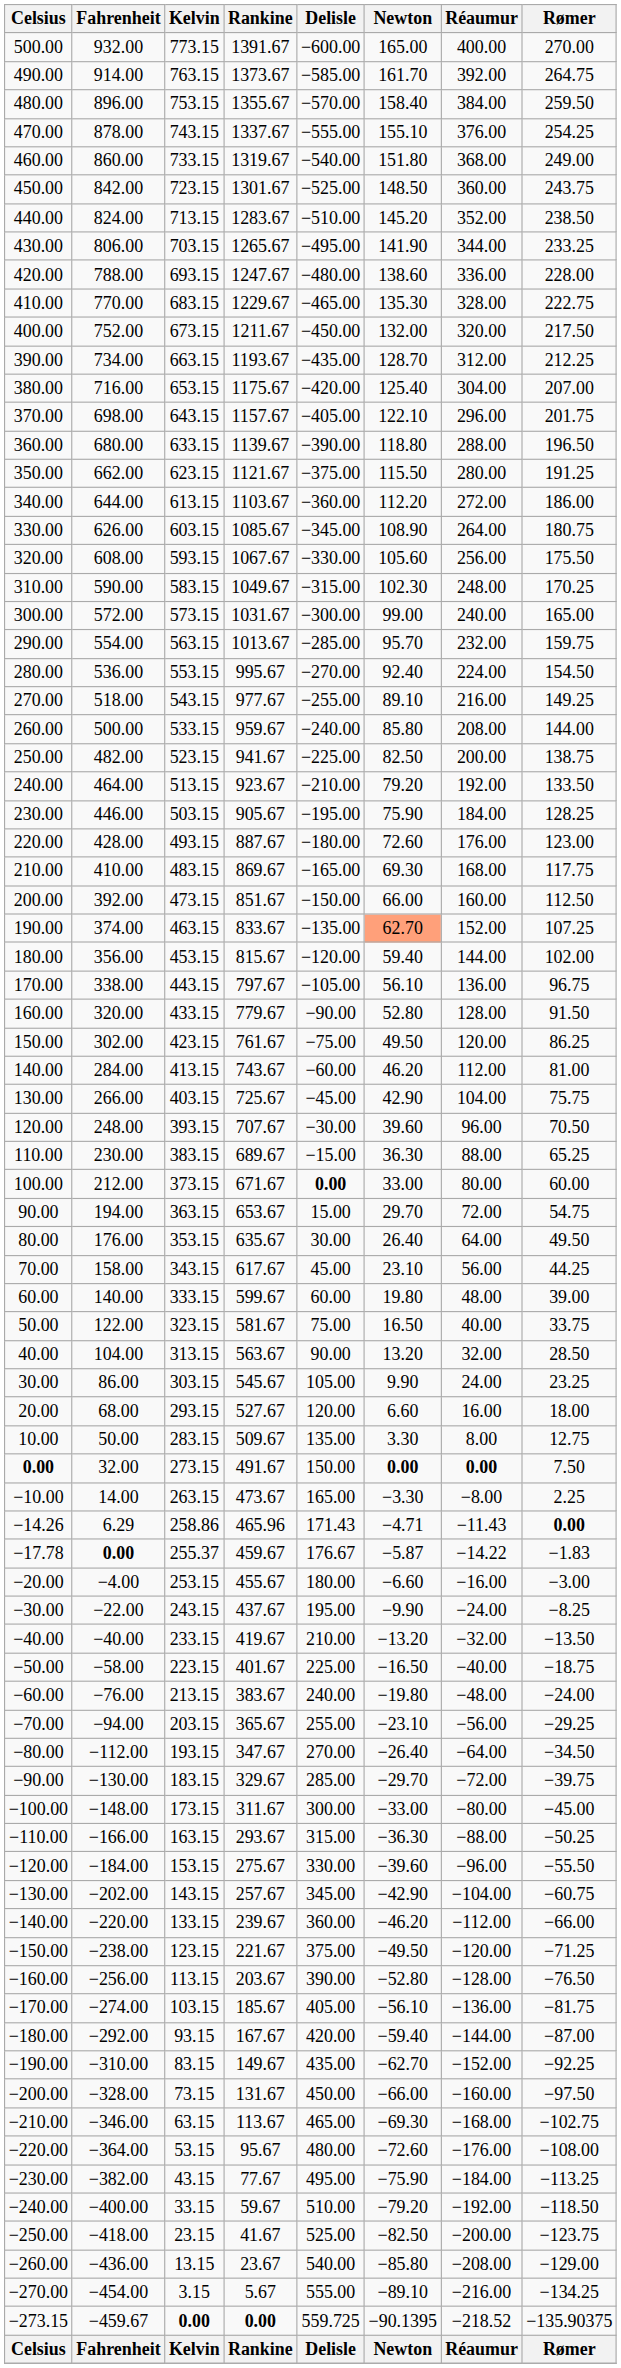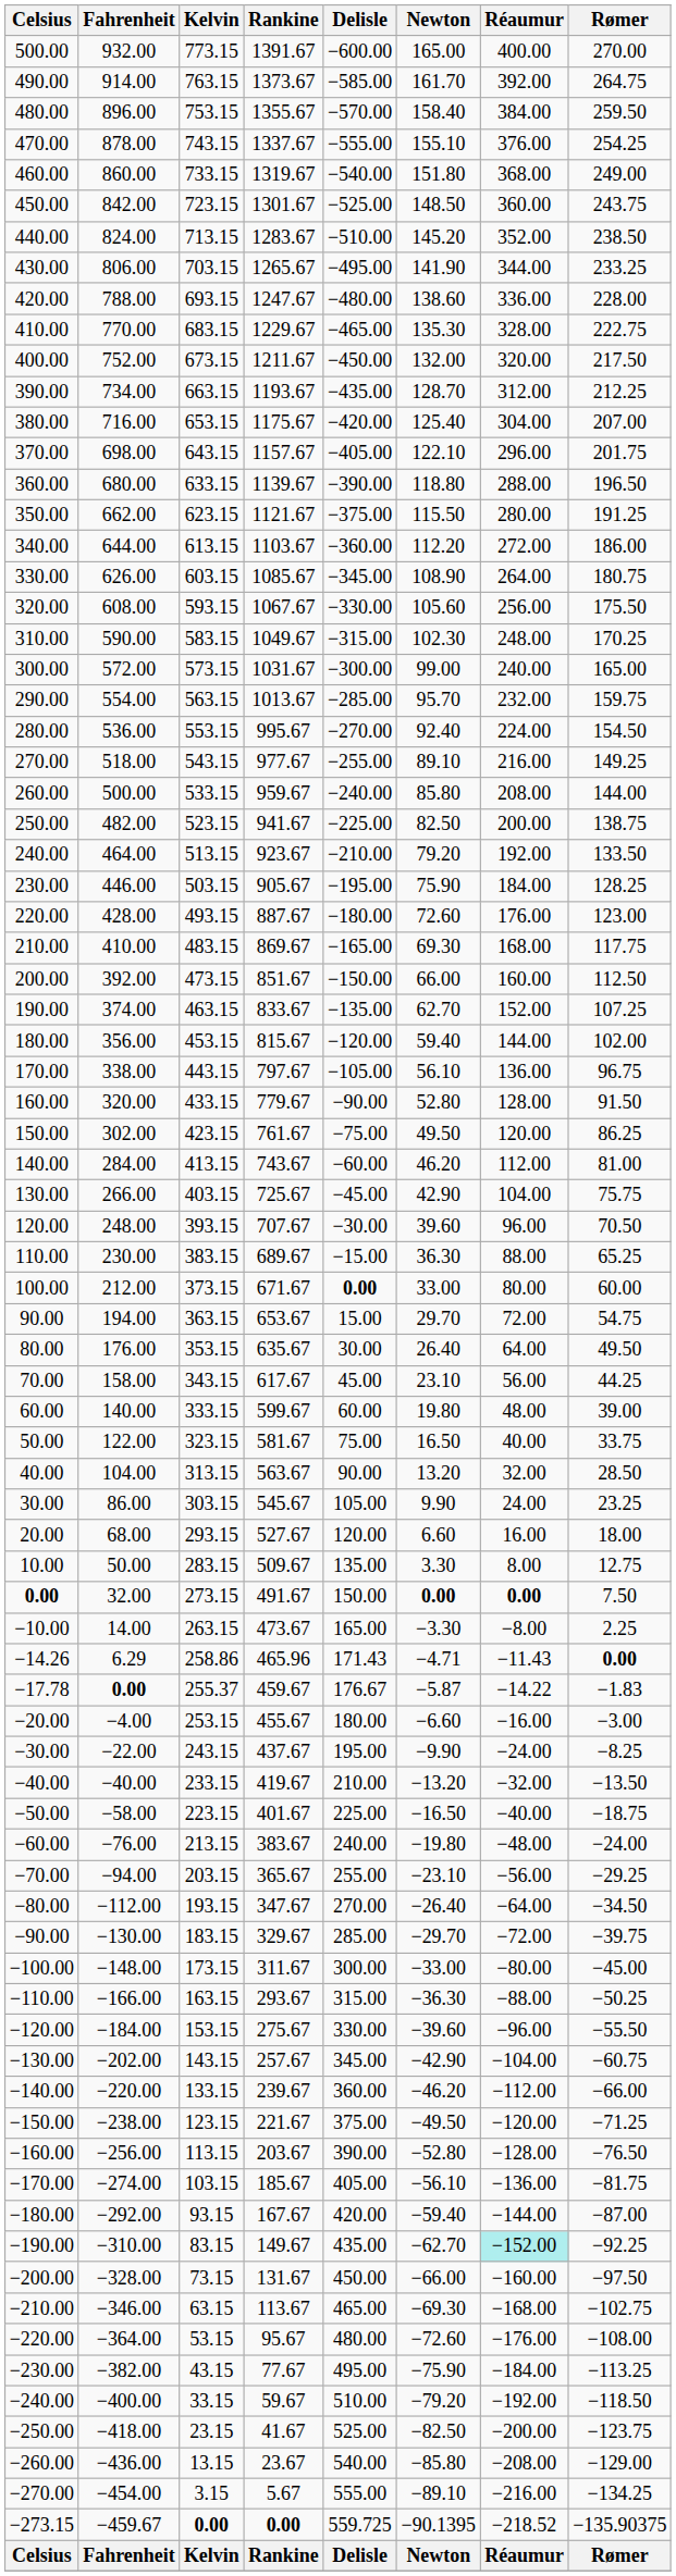 <table class="wikitable" style="text-align:center">
 <tr>
 <th>Celsius</th>
 <th>Fahrenheit</th>
 <th>Kelvin</th>
 <th>Rankine</th>
 <th>Delisle</th>
 <th>Newton</th>
 <th>Réaumur</th>
 <th>Rømer</th>
 </tr>
 <tr>
 <td>500.00</td>
 <td>932.00</td>
 <td>773.15</td>
 <td>1391.67</td>
 <td>−600.00</td>
 <td>165.00</td>
 <td>400.00</td>
 <td>270.00</td>
 </tr>
 <tr>
 <td>490.00</td>
 <td>914.00</td>
 <td>763.15</td>
 <td>1373.67</td>
 <td>−585.00</td>
 <td>161.70</td>
 <td>392.00</td>
 <td>264.75</td>
 </tr>
 <tr>
 <td>480.00</td>
 <td>896.00</td>
 <td>753.15</td>
 <td>1355.67</td>
 <td>−570.00</td>
 <td>158.40</td>
 <td>384.00</td>
 <td>259.50</td>
 </tr>
 <tr>
 <td>470.00</td>
 <td>878.00</td>
 <td>743.15</td>
 <td>1337.67</td>
 <td>−555.00</td>
 <td>155.10</td>
 <td>376.00</td>
 <td>254.25</td>
 </tr>
 <tr>
 <td>460.00</td>
 <td>860.00</td>
 <td>733.15</td>
 <td>1319.67</td>
 <td>−540.00</td>
 <td>151.80</td>
 <td>368.00</td>
 <td>249.00</td>
 </tr>
 <tr>
 <td>450.00</td>
 <td>842.00</td>
 <td>723.15</td>
 <td>1301.67</td>
 <td>−525.00</td>
 <td>148.50</td>
 <td>360.00</td>
 <td>243.75</td>
 </tr>
 <tr>
 <td>440.00</td>
 <td>824.00</td>
 <td>713.15</td>
 <td>1283.67</td>
 <td>−510.00</td>
 <td>145.20</td>
 <td>352.00</td>
 <td>238.50</td>
 </tr>
 <tr>
 <td>430.00</td>
 <td>806.00</td>
 <td>703.15</td>
 <td>1265.67</td>
 <td>−495.00</td>
 <td>141.90</td>
 <td>344.00</td>
 <td>233.25</td>
 </tr>
 <tr>
 <td>420.00</td>
 <td>788.00</td>
 <td>693.15</td>
 <td>1247.67</td>
 <td>−480.00</td>
 <td>138.60</td>
 <td>336.00</td>
 <td>228.00</td>
 </tr>
 <tr>
 <td>410.00</td>
 <td>770.00</td>
 <td>683.15</td>
 <td>1229.67</td>
 <td>−465.00</td>
 <td>135.30</td>
 <td>328.00</td>
 <td>222.75</td>
 </tr>
 <tr>
 <td>400.00</td>
 <td>752.00</td>
 <td>673.15</td>
 <td>1211.67</td>
 <td>−450.00</td>
 <td>132.00</td>
 <td>320.00</td>
 <td>217.50</td>
 </tr>
 <tr>
 <td>390.00</td>
 <td>734.00</td>
 <td>663.15</td>
 <td>1193.67</td>
 <td>−435.00</td>
 <td>128.70</td>
 <td>312.00</td>
 <td>212.25</td>
 </tr>
 <tr>
 <td>380.00</td>
 <td>716.00</td>
 <td>653.15</td>
 <td>1175.67</td>
 <td>−420.00</td>
 <td>125.40</td>
 <td>304.00</td>
 <td>207.00</td>
 </tr>
 <tr>
 <td>370.00</td>
 <td>698.00</td>
 <td>643.15</td>
 <td>1157.67</td>
 <td>−405.00</td>
 <td>122.10</td>
 <td>296.00</td>
 <td>201.75</td>
 </tr>
 <tr>
 <td>360.00</td>
 <td>680.00</td>
 <td>633.15</td>
 <td>1139.67</td>
 <td>−390.00</td>
 <td>118.80</td>
 <td>288.00</td>
 <td>196.50</td>
 </tr>
 <tr>
 <td>350.00</td>
 <td>662.00</td>
 <td>623.15</td>
 <td>1121.67</td>
 <td>−375.00</td>
 <td>115.50</td>
 <td>280.00</td>
 <td>191.25</td>
 </tr>
 <tr>
 <td>340.00</td>
 <td>644.00</td>
 <td>613.15</td>
 <td>1103.67</td>
 <td>−360.00</td>
 <td>112.20</td>
 <td>272.00</td>
 <td>186.00</td>
 </tr>
 <tr>
 <td>330.00</td>
 <td>626.00</td>
 <td>603.15</td>
 <td>1085.67</td>
 <td>−345.00</td>
 <td>108.90</td>
 <td>264.00</td>
 <td>180.75</td>
 </tr>
 <tr>
 <td>320.00</td>
 <td>608.00</td>
 <td>593.15</td>
 <td>1067.67</td>
 <td>−330.00</td>
 <td>105.60</td>
 <td>256.00</td>
 <td>175.50</td>
 </tr>
 <tr>
 <td>310.00</td>
 <td>590.00</td>
 <td>583.15</td>
 <td>1049.67</td>
 <td>−315.00</td>
 <td>102.30</td>
 <td>248.00</td>
 <td>170.25</td>
 </tr>
 <tr>
 <td>300.00</td>
 <td>572.00</td>
 <td>573.15</td>
 <td>1031.67</td>
 <td>−300.00</td>
 <td>99.00</td>
 <td>240.00</td>
 <td>165.00</td>
 </tr>
 <tr>
 <td>290.00</td>
 <td>554.00</td>
 <td>563.15</td>
 <td>1013.67</td>
 <td>−285.00</td>
 <td>95.70</td>
 <td>232.00</td>
 <td>159.75</td>
 </tr>
 <tr>
 <td>280.00</td>
 <td>536.00</td>
 <td>553.15</td>
 <td>995.67</td>
 <td>−270.00</td>
 <td>92.40</td>
 <td>224.00</td>
 <td>154.50</td>
 </tr>
 <tr>
 <td>270.00</td>
 <td>518.00</td>
 <td>543.15</td>
 <td>977.67</td>
 <td>−255.00</td>
 <td>89.10</td>
 <td>216.00</td>
 <td>149.25</td>
 </tr>
 <tr>
 <td>260.00</td>
 <td>500.00</td>
 <td>533.15</td>
 <td>959.67</td>
 <td>−240.00</td>
 <td>85.80</td>
 <td>208.00</td>
 <td>144.00</td>
 </tr>
 <tr>
 <td>250.00</td>
 <td>482.00</td>
 <td>523.15</td>
 <td>941.67</td>
 <td>−225.00</td>
 <td>82.50</td>
 <td>200.00</td>
 <td>138.75</td>
 </tr>
 <tr>
 <td>240.00</td>
 <td>464.00</td>
 <td>513.15</td>
 <td>923.67</td>
 <td>−210.00</td>
 <td>79.20</td>
 <td>192.00</td>
 <td>133.50</td>
 </tr>
 <tr>
 <td>230.00</td>
 <td>446.00</td>
 <td>503.15</td>
 <td>905.67</td>
 <td>−195.00</td>
 <td>75.90</td>
 <td>184.00</td>
 <td>128.25</td>
 </tr>
 <tr>
 <td>220.00</td>
 <td>428.00</td>
 <td>493.15</td>
 <td>887.67</td>
 <td>−180.00</td>
 <td>72.60</td>
 <td>176.00</td>
 <td>123.00</td>
 </tr>
 <tr>
 <td>210.00</td>
 <td>410.00</td>
 <td>483.15</td>
 <td>869.67</td>
 <td>−165.00</td>
 <td>69.30</td>
 <td>168.00</td>
 <td>117.75</td>
 </tr>
 <tr>
 <td>200.00</td>
 <td>392.00</td>
 <td>473.15</td>
 <td>851.67</td>
 <td>−150.00</td>
 <td>66.00</td>
 <td>160.00</td>
 <td>112.50</td>
 </tr>
 <tr>
 <td>190.00</td>
 <td>374.00</td>
 <td>463.15</td>
 <td>833.67</td>
 <td>−135.00</td>
-<td style="background: lightsalmon;">62.70</td>
+<td>62.70</td>
 <td>152.00</td>
 <td>107.25</td>
 </tr>
 <tr>
 <td>180.00</td>
 <td>356.00</td>
 <td>453.15</td>
 <td>815.67</td>
 <td>−120.00</td>
 <td>59.40</td>
 <td>144.00</td>
 <td>102.00</td>
 </tr>
 <tr>
 <td>170.00</td>
 <td>338.00</td>
 <td>443.15</td>
 <td>797.67</td>
 <td>−105.00</td>
 <td>56.10</td>
 <td>136.00</td>
 <td>96.75</td>
 </tr>
 <tr>
 <td>160.00</td>
 <td>320.00</td>
 <td>433.15</td>
 <td>779.67</td>
 <td>−90.00</td>
 <td>52.80</td>
 <td>128.00</td>
 <td>91.50</td>
 </tr>
 <tr>
 <td>150.00</td>
 <td>302.00</td>
 <td>423.15</td>
 <td>761.67</td>
 <td>−75.00</td>
 <td>49.50</td>
 <td>120.00</td>
 <td>86.25</td>
 </tr>
 <tr>
 <td>140.00</td>
 <td>284.00</td>
 <td>413.15</td>
 <td>743.67</td>
 <td>−60.00</td>
 <td>46.20</td>
 <td>112.00</td>
 <td>81.00</td>
 </tr>
 <tr>
 <td>130.00</td>
 <td>266.00</td>
 <td>403.15</td>
 <td>725.67</td>
 <td>−45.00</td>
 <td>42.90</td>
 <td>104.00</td>
 <td>75.75</td>
 </tr>
 <tr>
 <td>120.00</td>
 <td>248.00</td>
 <td>393.15</td>
 <td>707.67</td>
 <td>−30.00</td>
 <td>39.60</td>
 <td>96.00</td>
 <td>70.50</td>
 </tr>
 <tr>
 <td>110.00</td>
 <td>230.00</td>
 <td>383.15</td>
 <td>689.67</td>
 <td>−15.00</td>
 <td>36.30</td>
 <td>88.00</td>
 <td>65.25</td>
 </tr>
 <tr>
 <td>100.00</td>
 <td>212.00</td>
 <td>373.15</td>
 <td>671.67</td>
 <td><strong>0.00</strong></td>
 <td>33.00</td>
 <td>80.00</td>
 <td>60.00</td>
 </tr>
 <tr>
 <td>90.00</td>
 <td>194.00</td>
 <td>363.15</td>
 <td>653.67</td>
 <td>15.00</td>
 <td>29.70</td>
 <td>72.00</td>
 <td>54.75</td>
 </tr>
 <tr>
 <td>80.00</td>
 <td>176.00</td>
 <td>353.15</td>
 <td>635.67</td>
 <td>30.00</td>
 <td>26.40</td>
 <td>64.00</td>
 <td>49.50</td>
 </tr>
 <tr>
 <td>70.00</td>
 <td>158.00</td>
 <td>343.15</td>
 <td>617.67</td>
 <td>45.00</td>
 <td>23.10</td>
 <td>56.00</td>
 <td>44.25</td>
 </tr>
 <tr>
 <td>60.00</td>
 <td>140.00</td>
 <td>333.15</td>
 <td>599.67</td>
 <td>60.00</td>
 <td>19.80</td>
 <td>48.00</td>
 <td>39.00</td>
 </tr>
 <tr>
 <td>50.00</td>
 <td>122.00</td>
 <td>323.15</td>
 <td>581.67</td>
 <td>75.00</td>
 <td>16.50</td>
 <td>40.00</td>
 <td>33.75</td>
 </tr>
 <tr>
 <td>40.00</td>
 <td>104.00</td>
 <td>313.15</td>
 <td>563.67</td>
 <td>90.00</td>
 <td>13.20</td>
 <td>32.00</td>
 <td>28.50</td>
 </tr>
 <tr>
 <td>30.00</td>
 <td>86.00</td>
 <td>303.15</td>
 <td>545.67</td>
 <td>105.00</td>
 <td>9.90</td>
 <td>24.00</td>
 <td>23.25</td>
 </tr>
 <tr>
 <td>20.00</td>
 <td>68.00</td>
 <td>293.15</td>
 <td>527.67</td>
 <td>120.00</td>
 <td>6.60</td>
 <td>16.00</td>
 <td>18.00</td>
 </tr>
 <tr>
 <td>10.00</td>
 <td>50.00</td>
 <td>283.15</td>
 <td>509.67</td>
 <td>135.00</td>
 <td>3.30</td>
 <td>8.00</td>
 <td>12.75</td>
 </tr>
 <tr>
 <td><strong>0.00</strong></td>
 <td>32.00</td>
 <td>273.15</td>
 <td>491.67</td>
 <td>150.00</td>
 <td><strong>0.00</strong></td>
 <td><strong>0.00</strong></td>
 <td>7.50</td>
 </tr>
 <tr>
 <td>−10.00</td>
 <td>14.00</td>
 <td>263.15</td>
 <td>473.67</td>
 <td>165.00</td>
 <td>−3.30</td>
 <td>−8.00</td>
 <td>2.25</td>
 </tr>
 <tr>
 <td>−14.26</td>
 <td>6.29</td>
 <td>258.86</td>
 <td>465.96</td>
 <td>171.43</td>
 <td>−4.71</td>
 <td>−11.43</td>
 <td><strong>0.00</strong></td>
 </tr>
 <tr>
 <td>−17.78</td>
 <td><strong>0.00</strong></td>
 <td>255.37</td>
 <td>459.67</td>
 <td>176.67</td>
 <td>−5.87</td>
 <td>−14.22</td>
 <td>−1.83</td>
 </tr>
 <tr>
 <td>−20.00</td>
 <td>−4.00</td>
 <td>253.15</td>
 <td>455.67</td>
 <td>180.00</td>
 <td>−6.60</td>
 <td>−16.00</td>
 <td>−3.00</td>
 </tr>
 <tr>
 <td>−30.00</td>
 <td>−22.00</td>
 <td>243.15</td>
 <td>437.67</td>
 <td>195.00</td>
 <td>−9.90</td>
 <td>−24.00</td>
 <td>−8.25</td>
 </tr>
 <tr>
 <td>−40.00</td>
 <td>−40.00</td>
 <td>233.15</td>
 <td>419.67</td>
 <td>210.00</td>
 <td>−13.20</td>
 <td>−32.00</td>
 <td>−13.50</td>
 </tr>
 <tr>
 <td>−50.00</td>
 <td>−58.00</td>
 <td>223.15</td>
 <td>401.67</td>
 <td>225.00</td>
 <td>−16.50</td>
 <td>−40.00</td>
 <td>−18.75</td>
 </tr>
 <tr>
 <td>−60.00</td>
 <td>−76.00</td>
 <td>213.15</td>
 <td>383.67</td>
 <td>240.00</td>
 <td>−19.80</td>
 <td>−48.00</td>
 <td>−24.00</td>
 </tr>
 <tr>
 <td>−70.00</td>
 <td>−94.00</td>
 <td>203.15</td>
 <td>365.67</td>
 <td>255.00</td>
 <td>−23.10</td>
 <td>−56.00</td>
 <td>−29.25</td>
 </tr>
 <tr>
 <td>−80.00</td>
 <td>−112.00</td>
 <td>193.15</td>
 <td>347.67</td>
 <td>270.00</td>
 <td>−26.40</td>
 <td>−64.00</td>
 <td>−34.50</td>
 </tr>
 <tr>
 <td>−90.00</td>
 <td>−130.00</td>
 <td>183.15</td>
 <td>329.67</td>
 <td>285.00</td>
 <td>−29.70</td>
 <td>−72.00</td>
 <td>−39.75</td>
 </tr>
 <tr>
 <td>−100.00</td>
 <td>−148.00</td>
 <td>173.15</td>
 <td>311.67</td>
 <td>300.00</td>
 <td>−33.00</td>
 <td>−80.00</td>
 <td>−45.00</td>
 </tr>
 <tr>
 <td>−110.00</td>
 <td>−166.00</td>
 <td>163.15</td>
 <td>293.67</td>
 <td>315.00</td>
 <td>−36.30</td>
 <td>−88.00</td>
 <td>−50.25</td>
 </tr>
 <tr>
 <td>−120.00</td>
 <td>−184.00</td>
 <td>153.15</td>
 <td>275.67</td>
 <td>330.00</td>
 <td>−39.60</td>
 <td>−96.00</td>
 <td>−55.50</td>
 </tr>
 <tr>
 <td>−130.00</td>
 <td>−202.00</td>
 <td>143.15</td>
 <td>257.67</td>
 <td>345.00</td>
 <td>−42.90</td>
 <td>−104.00</td>
 <td>−60.75</td>
 </tr>
 <tr>
 <td>−140.00</td>
 <td>−220.00</td>
 <td>133.15</td>
 <td>239.67</td>
 <td>360.00</td>
 <td>−46.20</td>
 <td>−112.00</td>
 <td>−66.00</td>
 </tr>
 <tr>
 <td>−150.00</td>
 <td>−238.00</td>
 <td>123.15</td>
 <td>221.67</td>
 <td>375.00</td>
 <td>−49.50</td>
 <td>−120.00</td>
 <td>−71.25</td>
 </tr>
 <tr>
 <td>−160.00</td>
 <td>−256.00</td>
 <td>113.15</td>
 <td>203.67</td>
 <td>390.00</td>
 <td>−52.80</td>
 <td>−128.00</td>
 <td>−76.50</td>
 </tr>
 <tr>
 <td>−170.00</td>
 <td>−274.00</td>
 <td>103.15</td>
 <td>185.67</td>
 <td>405.00</td>
 <td>−56.10</td>
 <td>−136.00</td>
 <td>−81.75</td>
 </tr>
 <tr>
 <td>−180.00</td>
 <td>−292.00</td>
 <td>93.15</td>
 <td>167.67</td>
 <td>420.00</td>
 <td>−59.40</td>
 <td>−144.00</td>
 <td>−87.00</td>
 </tr>
 <tr>
 <td>−190.00</td>
 <td>−310.00</td>
 <td>83.15</td>
 <td>149.67</td>
 <td>435.00</td>
 <td>−62.70</td>
-<td>−152.00</td>
+<td style="background: paleturquoise;">−152.00</td>
 <td>−92.25</td>
 </tr>
 <tr>
 <td>−200.00</td>
 <td>−328.00</td>
 <td>73.15</td>
 <td>131.67</td>
 <td>450.00</td>
 <td>−66.00</td>
 <td>−160.00</td>
 <td>−97.50</td>
 </tr>
 <tr>
 <td>−210.00</td>
 <td>−346.00</td>
 <td>63.15</td>
 <td>113.67</td>
 <td>465.00</td>
 <td>−69.30</td>
 <td>−168.00</td>
 <td>−102.75</td>
 </tr>
 <tr>
 <td>−220.00</td>
 <td>−364.00</td>
 <td>53.15</td>
 <td>95.67</td>
 <td>480.00</td>
 <td>−72.60</td>
 <td>−176.00</td>
 <td>−108.00</td>
 </tr>
 <tr>
 <td>−230.00</td>
 <td>−382.00</td>
 <td>43.15</td>
 <td>77.67</td>
 <td>495.00</td>
 <td>−75.90</td>
 <td>−184.00</td>
 <td>−113.25</td>
 </tr>
 <tr>
 <td>−240.00</td>
 <td>−400.00</td>
 <td>33.15</td>
 <td>59.67</td>
 <td>510.00</td>
 <td>−79.20</td>
 <td>−192.00</td>
 <td>−118.50</td>
 </tr>
 <tr>
 <td>−250.00</td>
 <td>−418.00</td>
 <td>23.15</td>
 <td>41.67</td>
 <td>525.00</td>
 <td>−82.50</td>
 <td>−200.00</td>
 <td>−123.75</td>
 </tr>
 <tr>
 <td>−260.00</td>
 <td>−436.00</td>
 <td>13.15</td>
 <td>23.67</td>
 <td>540.00</td>
 <td>−85.80</td>
 <td>−208.00</td>
 <td>−129.00</td>
 </tr>
 <tr>
 <td>−270.00</td>
 <td>−454.00</td>
 <td>3.15</td>
 <td>5.67</td>
 <td>555.00</td>
 <td>−89.10</td>
 <td>−216.00</td>
 <td>−134.25</td>
 </tr>
 <tr>
 <td>−273.15</td>
 <td>−459.67</td>
 <td><strong>0.00</strong></td>
 <td><strong>0.00</strong></td>
 <td>559.725</td>
 <td>−90.1395</td>
 <td>−218.52</td>
 <td>−135.90375</td>
 </tr>
 <tr>
 <th>Celsius</th>
 <th>Fahrenheit</th>
 <th>Kelvin</th>
 <th>Rankine</th>
 <th>Delisle</th>
 <th>Newton</th>
 <th>Réaumur</th>
 <th>Rømer</th>
 </tr>
 <tr>
 </tr>
 </table>
